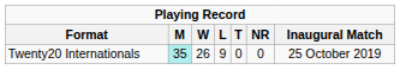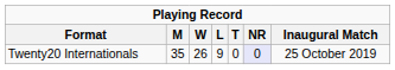 <table class="wikitable" style="text-align: center; width: 500px;">
 <tr>
 <td colspan=7 align="center"><strong>Playing Record</strong></td>
 </tr>
 <tr>
 <th>Format</th>
 <th>M</th>
 <th>W</th>
 <th>L</th>
 <th>T</th>
 <th>NR</th>
 <th>Inaugural Match</th>
 </tr>
 <tr>
 <td align="left">Twenty20 Internationals</td>
-<td style="background: paleturquoise;">35</td>
+<td>35</td>
 <td>26</td>
 <td>9</td>
 <td>0</td>
-<td>0</td>
+<td style="background: lavender;">0</td>
 <td>25 October 2019</td>
 </tr>
 </table>
